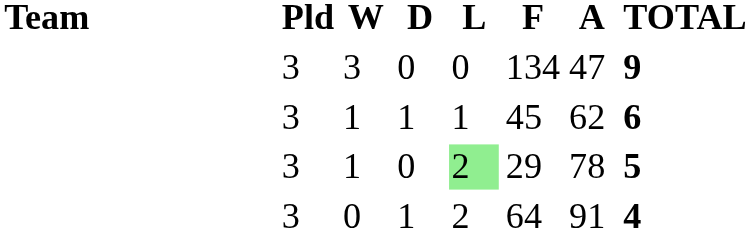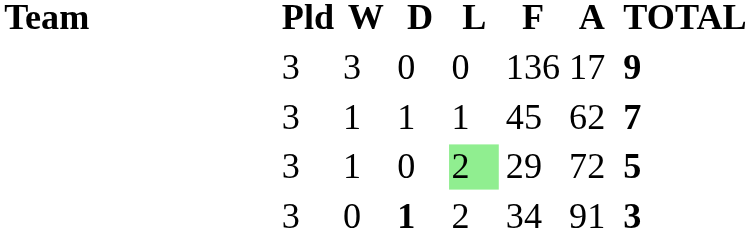 <table>
 <tr>
 <td><br></td>
 </tr>
 <tr border=1 cellpadding=5 cellspacing=0>
 <th width="200">Team</th>
 <th width="20">Pld</th>
 <th width="20">W</th>
 <th width="20">D</th>
 <th width="20">L</th>
 <th width="20">F</th>
 <th width="20">A</th>
 <th width="20">TOTAL</th>
 </tr>
 <tr>
 <td align=left></td>
 <td>3</td>
 <td>3</td>
 <td>0</td>
 <td>0</td>
-<td>134</td>
-<td>47</td>
+<td>136</td>
+<td>17</td>
 <td><strong>9</strong></td>
 </tr>
 <tr>
 <td align=left></td>
 <td>3</td>
 <td>1</td>
 <td>1</td>
 <td>1</td>
 <td>45</td>
 <td>62</td>
-<td><strong>6</strong></td>
+<td><strong>7</strong></td>
 </tr>
 <tr>
 <td align=left></td>
 <td>3</td>
 <td>1</td>
 <td>0</td>
 <td style="background: lightgreen;">2</td>
 <td>29</td>
-<td>78</td>
+<td>72</td>
 <td><strong>5</strong></td>
 </tr>
 <tr>
 <td align=left></td>
 <td>3</td>
 <td>0</td>
-<td>1</td>
+<td><strong>1</strong></td>
 <td>2</td>
-<td>64</td>
+<td>34</td>
 <td>91</td>
-<td><strong>4</strong></td>
+<td><strong>3</strong></td>
 </tr>
 </table>
